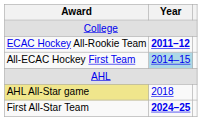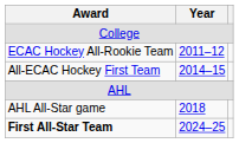 <table class="wikitable">
 <tr>
 <th>Award</th>
 <th>Year</th>
 <th></th>
 </tr>
 <tr ALIGN="center" bgcolor="#e0e0e0">
 <td colspan="3"><a href='#'>College</a></td>
 </tr>
 <tr>
 <td><a href='#'>ECAC Hockey</a> All-Rookie Team</td>
-<td><strong><a href='#'>2011–12</a></strong></td>
+<td><a href='#'>2011–12</a></td>
 <td></td>
 </tr>
 <tr>
 <td>All-ECAC Hockey <a href='#'>First Team</a></td>
-<td style="background: lightblue;"><a href='#'>2014–15</a></td>
+<td><a href='#'>2014–15</a></td>
 <td></td>
 </tr>
 <tr ALIGN="center" bgcolor="#e0e0e0">
 <td colspan="3"><a href='#'>AHL</a></td>
 </tr>
 <tr>
-<td style="background: khaki;">AHL All-Star game</td>
+<td>AHL All-Star game</td>
 <td><a href='#'>2018</a></td>
 <td></td>
 </tr>
 <tr>
-<td>First All-Star Team</td>
-<td><strong><a href='#'>2024–25</a></strong></td>
+<td><strong>First All-Star Team</strong></td>
+<td><a href='#'>2024–25</a></td>
 <td></td>
 </tr>
 </table>
